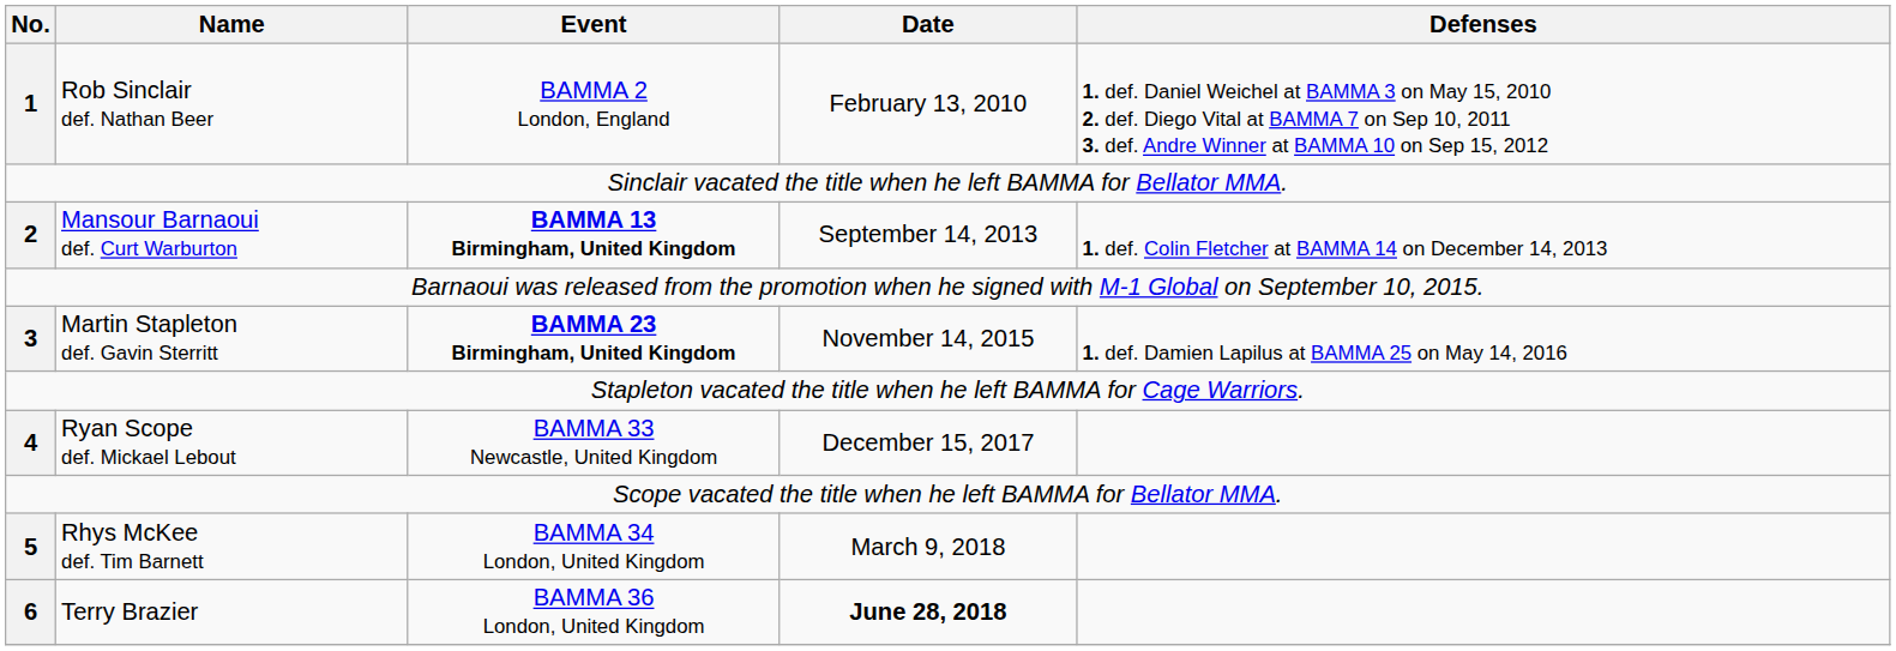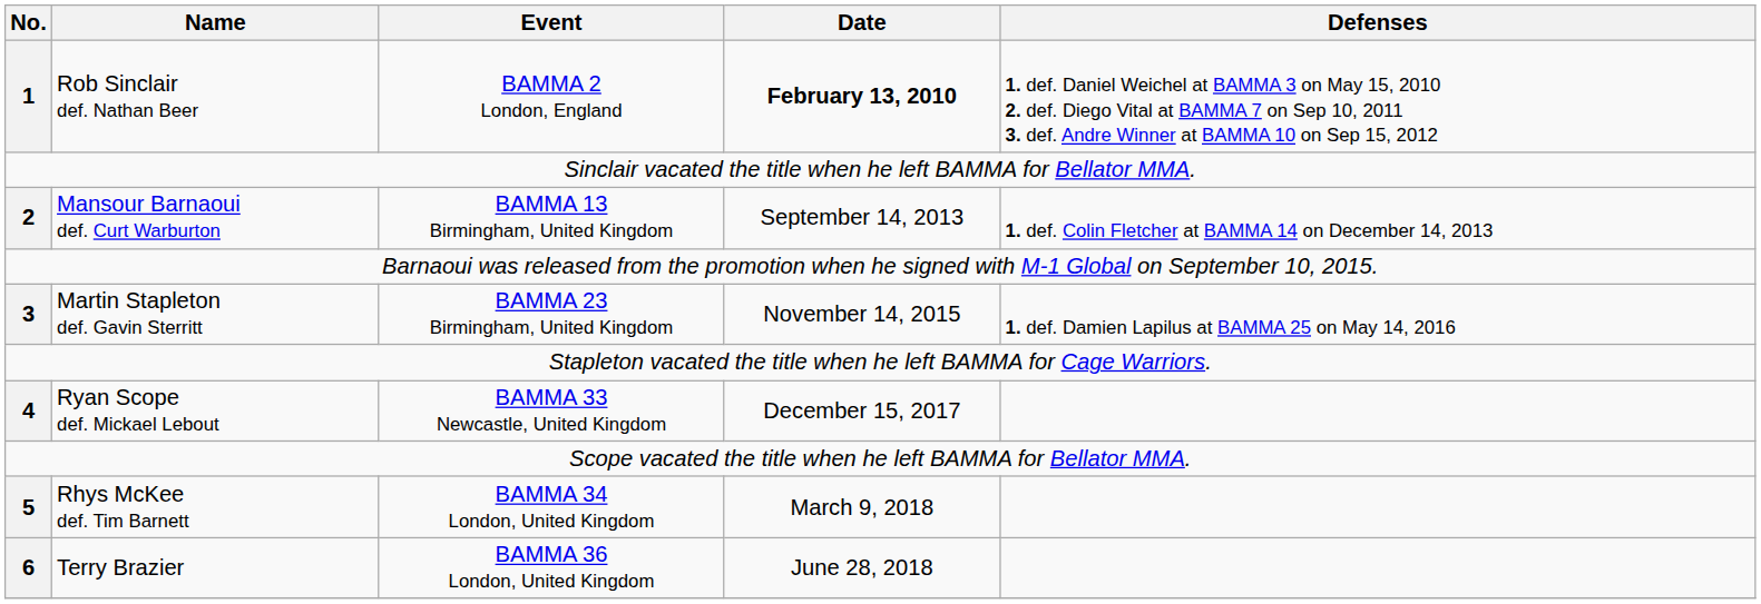 <table class="wikitable">
 <tr>
 <th width=1%>No.</th>
 <th width=19%>Name</th>
 <th width=20%>Event</th>
 <th width=16%>Date</th>
 <th width=44%>Defenses</th>
 </tr>
 <tr>
 <th>1</th>
 <td align=left> Rob Sinclair<br><small>def. Nathan Beer</small></td>
 <td align=center><a href='#'>BAMMA 2</a><br><small>London, England</small></td>
-<td align=center>February 13, 2010</td>
+<td align=center><strong>February 13, 2010</strong></td>
 <td><br><small><strong>1.</strong> def. Daniel Weichel at <a href='#'>BAMMA 3</a> on May 15, 2010<br></small> <small><strong>2.</strong> def. Diego Vital at <a href='#'>BAMMA 7</a> on Sep 10, 2011<br></small> <small><strong>3.</strong> def. <a href='#'>Andre Winner</a> at <a href='#'>BAMMA 10</a> on Sep 15, 2012<br></small></td>
 </tr>
 <tr>
 <td align="center" colspan="5"><em>Sinclair vacated the title when he left BAMMA for <a href='#'>Bellator MMA</a>.</em></td>
 </tr>
 <tr>
 <th>2</th>
 <td align=left> <a href='#'>Mansour Barnaoui</a><br><small>def. <a href='#'>Curt Warburton</a></small></td>
-<td align=center><strong><a href='#'>BAMMA 13</a><br><small>Birmingham, United Kingdom</small></strong></td>
+<td align=center><a href='#'>BAMMA 13</a><br><small>Birmingham, United Kingdom</small></td>
 <td align=center>September 14, 2013</td>
 <td><br><small><strong>1.</strong> def. <a href='#'>Colin Fletcher</a> at <a href='#'>BAMMA 14</a> on December 14, 2013<br></small></td>
 </tr>
 <tr>
 <td align="center" colspan="5"><em>Barnaoui was released from the promotion when he signed with <a href='#'>M-1 Global</a> on September 10, 2015.</em></td>
 </tr>
 <tr>
 <th>3</th>
 <td align=left> Martin Stapleton<br><small>def. Gavin Sterritt</small></td>
-<td align=center><strong><a href='#'>BAMMA 23</a><br><small>Birmingham, United Kingdom</small></strong></td>
+<td align=center><a href='#'>BAMMA 23</a><br><small>Birmingham, United Kingdom</small></td>
 <td align=center>November 14, 2015</td>
 <td><br><small><strong>1.</strong> def. Damien Lapilus at <a href='#'>BAMMA 25</a> on May 14, 2016<br></small></td>
 </tr>
 <tr>
 <td align="center" colspan="5"><em>Stapleton vacated the title when he left BAMMA for <a href='#'>Cage Warriors</a>.</em></td>
 </tr>
 <tr>
 <th>4</th>
 <td align=left> Ryan Scope<br><small>def. Mickael Lebout</small></td>
 <td align=center><a href='#'>BAMMA 33</a><br><small>Newcastle, United Kingdom</small></td>
 <td align=center>December 15, 2017</td>
 <td></td>
 </tr>
 <tr>
 <td align="center" colspan="5"><em>Scope vacated the title when he left BAMMA for <a href='#'>Bellator MMA</a>.</em></td>
 </tr>
 <tr>
 <th>5</th>
 <td align=left> Rhys McKee<br><small>def. Tim Barnett</small></td>
 <td align=center><a href='#'>BAMMA 34</a><br><small>London, United Kingdom</small></td>
 <td align=center>March 9, 2018</td>
 <td></td>
 </tr>
 <tr>
 <th>6</th>
 <td align=left> Terry Brazier<br></td>
 <td align=center><a href='#'>BAMMA 36</a><br><small>London, United Kingdom</small></td>
-<td align=center><strong>June 28, 2018</strong></td>
+<td align=center>June 28, 2018</td>
 <td></td>
 </tr>
 <tr>
 </tr>
 </table>
